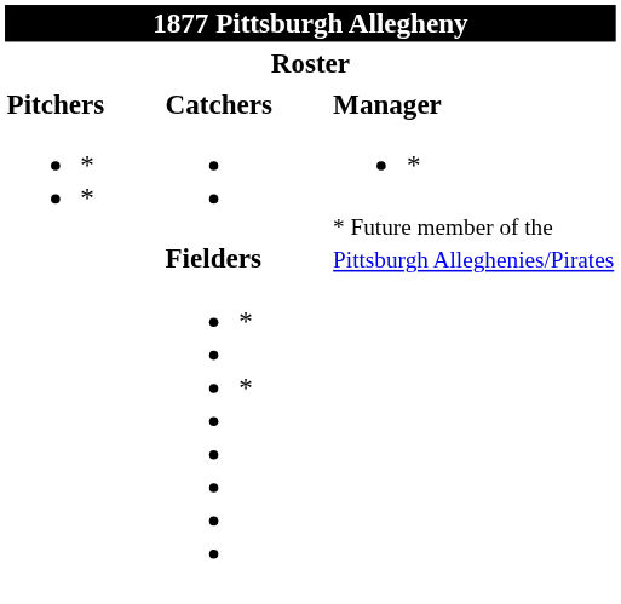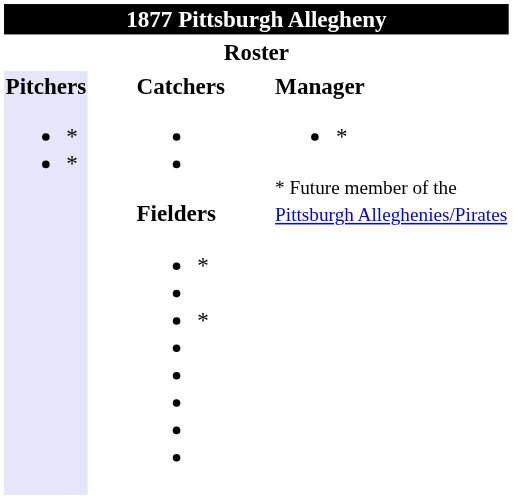 <table class="toccolours" style="font-size: 95%;">
 <tr>
 <th colspan="10" style="background-color: black; color: white; text-align: center;">1877 Pittsburgh Allegheny</th>
 </tr>
 <tr>
 <td colspan="10" style="background-color: white; color: black; text-align: center;"><strong>Roster</strong></td>
 </tr>
 <tr>
-<td valign="top"><strong>Pitchers</strong><br><ul><li>*</li><li>*</li></ul></td>
+<td valign="top" style="background: lavender;"><strong>Pitchers</strong><br><ul><li>*</li><li>*</li></ul></td>
 <td width="25px"></td>
 <td valign="top"><strong>Catchers</strong><br><ul><li></li><li></li></ul><strong>Fielders</strong><ul><li>*</li><li></li><li>*</li><li></li><li></li><li></li><li></li><li></li></ul></td>
 <td width="25px"></td>
 <td valign="top"><strong>Manager</strong><br><ul><li>*</li></ul><small> * Future member of the <br><a href='#'>Pittsburgh Alleghenies/Pirates</a></small></td>
 </tr>
 </table>
